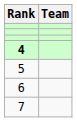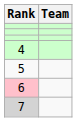 <table class=wikitable style="text-align:center;">
 <tr>
 <th>Rank</th>
 <th>Team</th>
 </tr>
 <tr bgcolor=ccffcc>
 <td></td>
 <td align=left></td>
 </tr>
 <tr bgcolor=ccffcc>
 <td></td>
 <td align=left></td>
 </tr>
 <tr bgcolor=ccffcc>
 <td></td>
 <td align=left></td>
 </tr>
 <tr bgcolor=ccffcc>
-<td><strong>4</strong></td>
+<td>4</td>
 <td align=left></td>
 </tr>
 <tr>
 <td>5</td>
 <td align=left></td>
 </tr>
 <tr>
-<td>6</td>
+<td style="background: pink;">6</td>
 <td align=left></td>
 </tr>
 <tr>
-<td>7</td>
+<td style="background: lightgrey;">7</td>
 <td align=left></td>
 </tr>
 </table>
